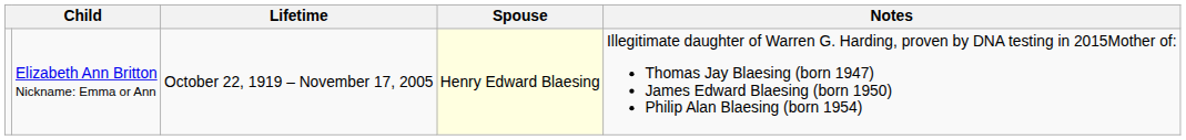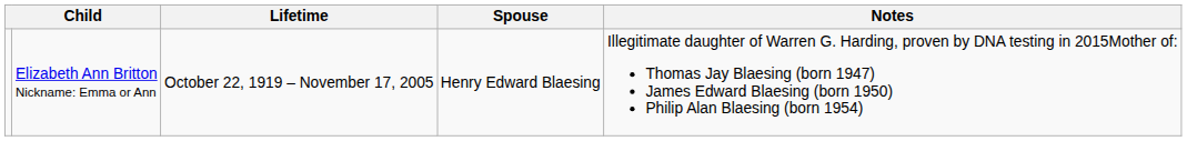 <table class="wikitable">
 <tr>
 <th colspan="2">Child</th>
 <th>Lifetime</th>
 <th>Spouse</th>
 <th>Notes</th>
 </tr>
 <tr>
 <td></td>
 <td><a href='#'>Elizabeth Ann Britton</a><br><small>Nickname: Emma or Ann</small></td>
 <td>October 22, 1919 – November 17, 2005</td>
-<td style="background: lightyellow;">Henry Edward Blaesing</td>
+<td>Henry Edward Blaesing</td>
 <td>Illegitimate daughter of Warren G. Harding, proven by DNA testing in 2015Mother of:<br><ul><li>Thomas Jay Blaesing (born 1947)</li><li>James Edward Blaesing (born 1950)</li><li>Philip Alan Blaesing (born 1954)</li></ul></td>
 </tr>
 </table>
